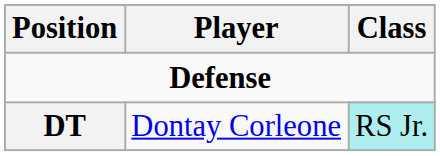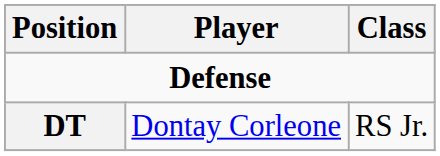 <table class="wikitable">
 <tr>
 <th>Position</th>
 <th>Player</th>
 <th>Class</th>
 </tr>
 <tr>
 <td colspan="3" style="text-align:center;  "><strong>Defense</strong></td>
 </tr>
 <tr style="text-align:center;">
 <th rowspan="1">DT</th>
 <td><a href='#'>Dontay Corleone</a></td>
-<td style="background: paleturquoise;">RS Jr.</td>
+<td>RS Jr.</td>
 </tr>
 </table>
